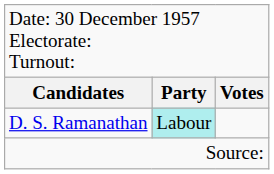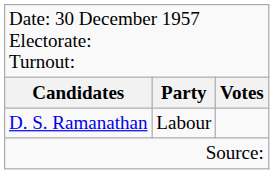 <table class=wikitable>
 <tr>
 <td colspan=8>Date: 30 December 1957<br>Electorate: <br>Turnout:</td>
 </tr>
 <tr>
 <th>Candidates</th>
 <th>Party</th>
 <th>Votes</th>
 </tr>
 <tr>
 <td><a href='#'>D. S. Ramanathan</a></td>
-<td style="background: paleturquoise;">Labour</td>
+<td>Labour</td>
 <td></td>
 </tr>
 <tr>
 <td colspan=3 align=right>Source:</td>
 </tr>
 </table>
